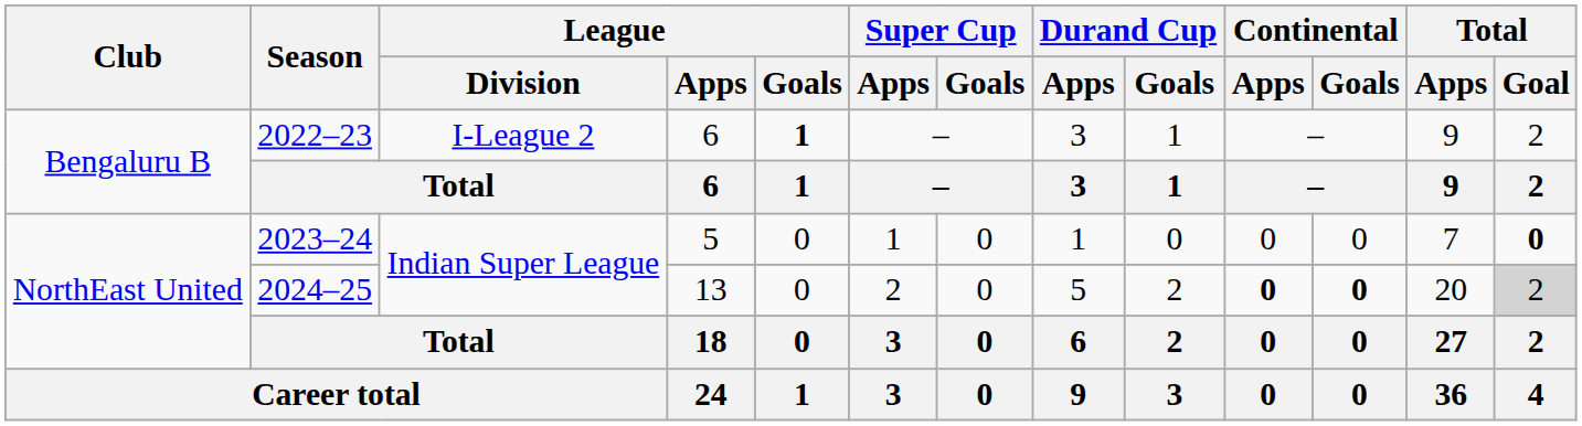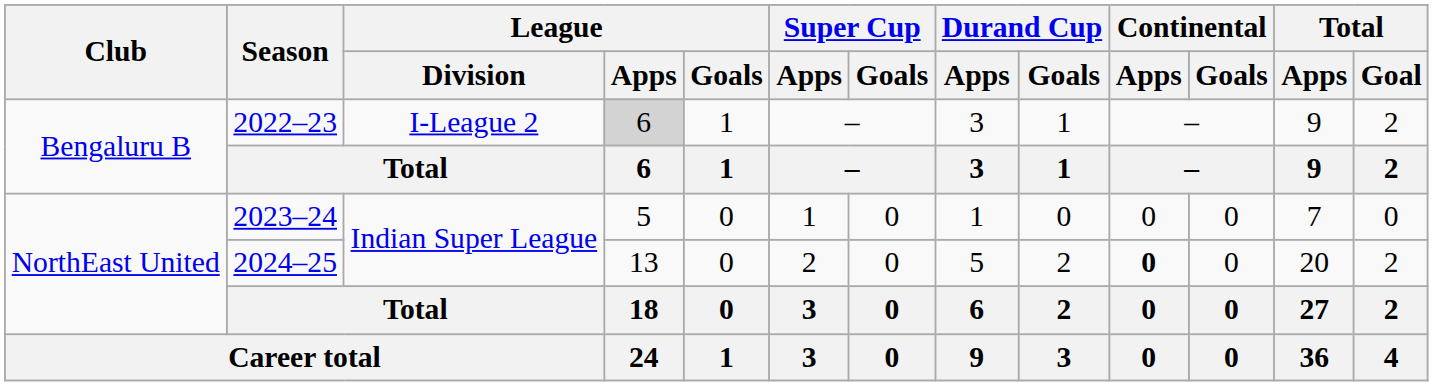 <table class="wikitable" style="text-align:center">
 <tr>
 <th rowspan="2">Club</th>
 <th rowspan="2">Season</th>
 <th colspan="3">League</th>
 <th colspan="2"><a href='#'>Super Cup</a></th>
 <th colspan="2"><a href='#'>Durand Cup</a></th>
 <th colspan="2">Continental</th>
 <th colspan="2">Total</th>
 </tr>
 <tr>
 <th>Division</th>
 <th>Apps</th>
 <th>Goals</th>
 <th>Apps</th>
 <th>Goals</th>
 <th>Apps</th>
 <th>Goals</th>
 <th>Apps</th>
 <th>Goals</th>
 <th>Apps</th>
 <th>Goal</th>
 </tr>
 <tr>
 <td rowspan="2"><a href='#'>Bengaluru B</a></td>
 <td><a href='#'>2022–23</a></td>
 <td><a href='#'>I-League 2</a></td>
-<td>6</td>
-<td><strong>1</strong></td>
+<td style="background: lightgrey;">6</td>
+<td>1</td>
 <td colspan="2">–</td>
 <td>3</td>
 <td>1</td>
 <td colspan="2">–</td>
 <td>9</td>
 <td>2</td>
 </tr>
 <tr>
 <th colspan="2">Total</th>
 <th>6</th>
 <th>1</th>
 <th colspan="2">–</th>
 <th>3</th>
 <th>1</th>
 <th colspan="2">–</th>
 <th>9</th>
 <th>2</th>
 </tr>
 <tr>
 <td rowspan="3"><a href='#'>NorthEast United</a></td>
 <td><a href='#'>2023–24</a></td>
 <td rowspan="2"><a href='#'>Indian Super League</a></td>
 <td>5</td>
 <td>0</td>
 <td>1</td>
 <td>0</td>
 <td>1</td>
 <td>0</td>
 <td>0</td>
 <td>0</td>
 <td>7</td>
-<td><strong>0</strong></td>
+<td>0</td>
 </tr>
 <tr>
 <td><a href='#'>2024–25</a></td>
 <td>13</td>
 <td>0</td>
 <td>2</td>
 <td>0</td>
 <td>5</td>
 <td>2</td>
 <td><strong>0</strong></td>
-<td><strong>0</strong></td>
+<td>0</td>
 <td>20</td>
-<td style="background: lightgrey;">2</td>
+<td>2</td>
 </tr>
 <tr>
 <th colspan="2">Total</th>
 <th>18</th>
 <th>0</th>
 <th>3</th>
 <th>0</th>
 <th>6</th>
 <th>2</th>
 <th>0</th>
 <th>0</th>
 <th>27</th>
 <th>2</th>
 </tr>
 <tr>
 <th colspan="3">Career total</th>
 <th>24</th>
 <th>1</th>
 <th>3</th>
 <th>0</th>
 <th>9</th>
 <th>3</th>
 <th>0</th>
 <th>0</th>
 <th>36</th>
 <th>4</th>
 </tr>
 </table>
